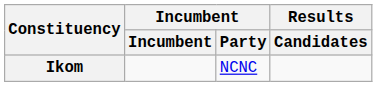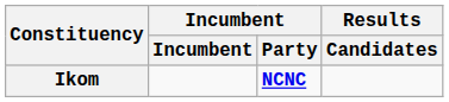 <table class="wikitable sortable">
 <tr>
 <th rowspan="2">Constituency</th>
 <th colspan="2">Incumbent</th>
 <th>Results</th>
 </tr>
 <tr valign="bottom">
 <th>Incumbent</th>
 <th>Party</th>
 <th>Candidates</th>
 </tr>
 <tr>
 <th>Ikom</th>
 <td></td>
-<td><a href='#'>NCNC</a></td>
+<td><strong><a href='#'>NCNC</a></strong></td>
 <td nowrap=""></td>
 </tr>
 </table>
